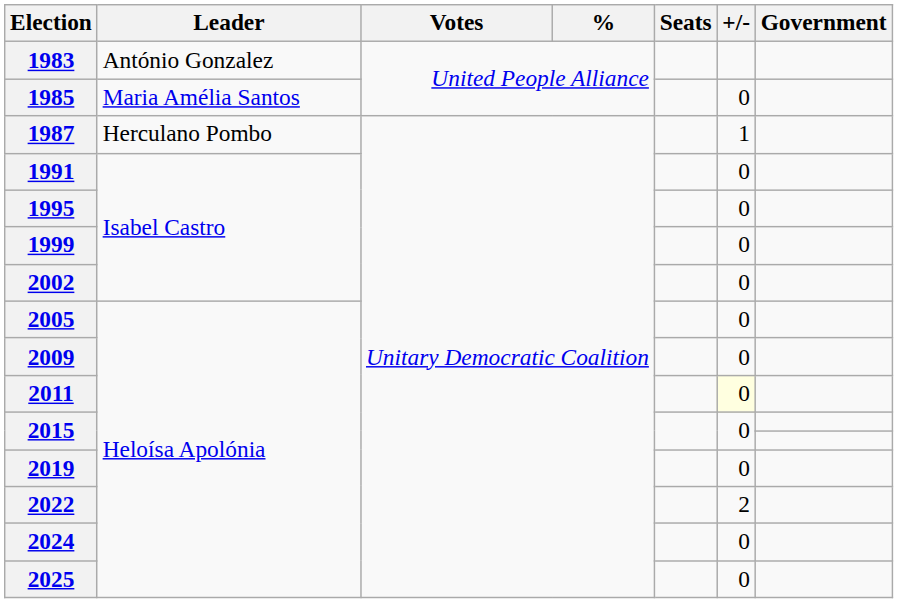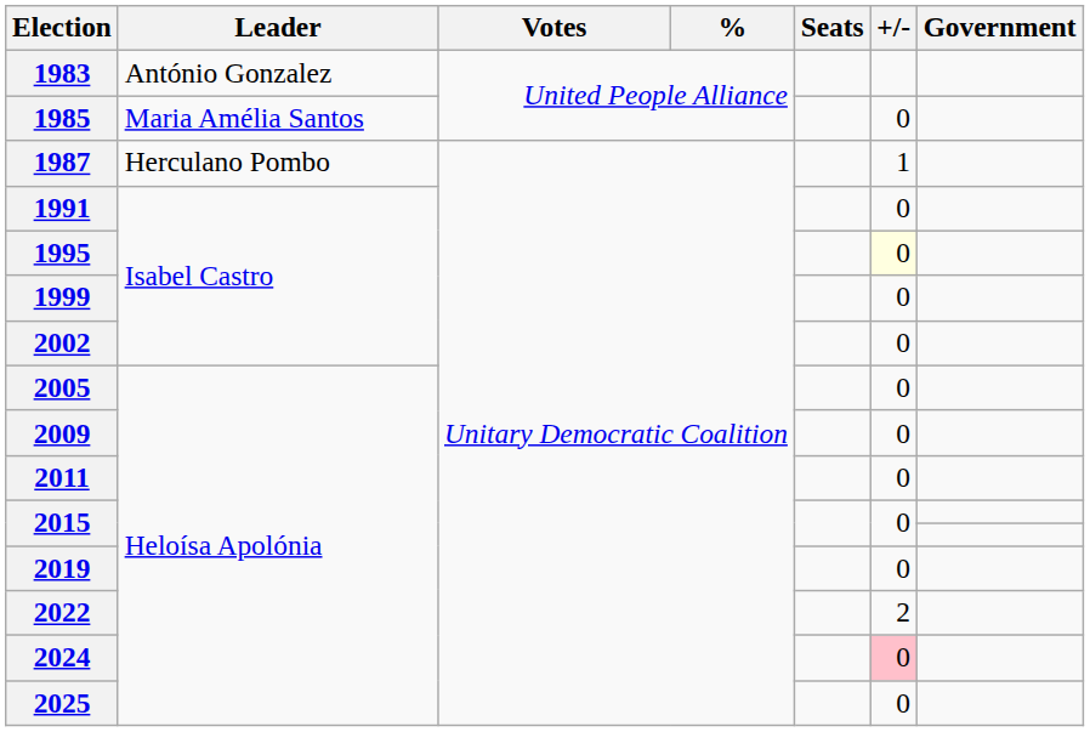 <table class="wikitable" style="text-align:right;">
 <tr>
 <th>Election</th>
 <th width="173px">Leader</th>
 <th>Votes</th>
 <th>%</th>
 <th>Seats</th>
 <th>+/-</th>
 <th>Government</th>
 </tr>
 <tr>
 <th><a href='#'>1983</a></th>
 <td align=left>António Gonzalez</td>
 <td colspan="2" rowspan="2"><em><a href='#'>United People Alliance</a></em></td>
 <td></td>
 <td></td>
 <td></td>
 </tr>
 <tr>
 <th><a href='#'>1985</a></th>
 <td align=left><a href='#'>Maria Amélia Santos</a></td>
 <td></td>
 <td> 0</td>
 <td></td>
 </tr>
 <tr>
 <th><a href='#'>1987</a></th>
 <td align=left>Herculano Pombo</td>
 <td colspan="2" rowspan="14"><em><a href='#'>Unitary Democratic Coalition</a></em></td>
 <td></td>
 <td> 1</td>
 <td></td>
 </tr>
 <tr>
 <th><a href='#'>1991</a></th>
 <td rowspan="4" align=left><a href='#'>Isabel Castro</a></td>
 <td></td>
 <td> 0</td>
 <td></td>
 </tr>
 <tr>
 <th><a href='#'>1995</a></th>
 <td></td>
-<td> 0</td>
+<td style="background: lightyellow;"> 0</td>
 <td></td>
 </tr>
 <tr>
 <th><a href='#'>1999</a></th>
 <td></td>
 <td> 0</td>
 <td></td>
 </tr>
 <tr>
 <th><a href='#'>2002</a></th>
 <td></td>
 <td> 0</td>
 <td></td>
 </tr>
 <tr>
 <th><a href='#'>2005</a></th>
 <td rowspan="9" align=left><a href='#'>Heloísa Apolónia</a></td>
 <td></td>
 <td> 0</td>
 <td></td>
 </tr>
 <tr>
 <th><a href='#'>2009</a></th>
 <td></td>
 <td> 0</td>
 <td></td>
 </tr>
 <tr>
 <th><a href='#'>2011</a></th>
 <td></td>
-<td style="background: lightyellow;"> 0</td>
+<td> 0</td>
 <td></td>
 </tr>
 <tr>
 <th rowspan="2"><a href='#'>2015</a></th>
 <td rowspan="2"></td>
 <td rowspan="2"> 0</td>
 <td></td>
 </tr>
 <tr>
 <td></td>
 </tr>
 <tr>
 <th><a href='#'>2019</a></th>
 <td></td>
 <td> 0</td>
 <td></td>
 </tr>
 <tr>
 <th><a href='#'>2022</a></th>
 <td></td>
 <td> 2</td>
 <td></td>
 </tr>
 <tr>
 <th><a href='#'>2024</a></th>
 <td></td>
-<td> 0</td>
+<td style="background: pink;"> 0</td>
 <td></td>
 </tr>
 <tr>
 <th><a href='#'>2025</a></th>
 <td></td>
 <td> 0</td>
 <td></td>
 </tr>
 </table>
